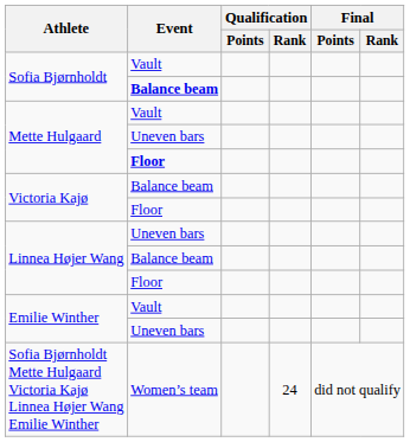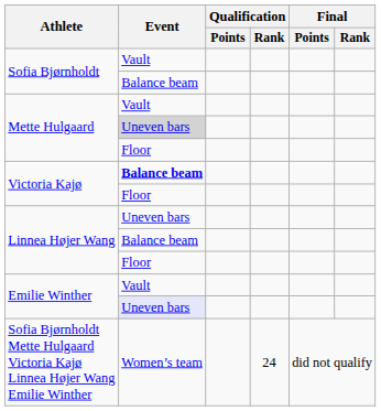 <table class=wikitable style="font-size:90%">
 <tr>
 <th rowspan="2">Athlete</th>
 <th rowspan="2">Event</th>
 <th colspan="2">Qualification</th>
 <th colspan="2">Final</th>
 </tr>
 <tr style="font-size:95%">
 <th>Points</th>
 <th>Rank</th>
 <th>Points</th>
 <th>Rank</th>
 </tr>
 <tr align=center>
 <td align=left rowspan=2><a href='#'>Sofia Bjørnholdt</a></td>
 <td align=left><a href='#'>Vault</a></td>
 <td></td>
 <td></td>
 <td></td>
 <td></td>
 </tr>
 <tr align=center>
-<td align=left><strong><a href='#'>Balance beam</a></strong></td>
+<td align=left><a href='#'>Balance beam</a></td>
 <td></td>
 <td></td>
 <td></td>
 <td></td>
 </tr>
 <tr align=center>
 <td align=left rowspan=3><a href='#'>Mette Hulgaard</a></td>
 <td align=left><a href='#'>Vault</a></td>
 <td></td>
 <td></td>
 <td></td>
 <td></td>
 </tr>
 <tr align=center>
-<td align=left><a href='#'>Uneven bars</a></td>
+<td align=left style="background: lightgrey;"><a href='#'>Uneven bars</a></td>
 <td></td>
 <td></td>
 <td></td>
 <td></td>
 </tr>
 <tr align=center>
-<td align=left><strong><a href='#'>Floor</a></strong></td>
+<td align=left><a href='#'>Floor</a></td>
 <td></td>
 <td></td>
 <td></td>
 <td></td>
 </tr>
 <tr align=center>
 <td align=left rowspan=2><a href='#'>Victoria Kajø</a></td>
-<td align=left><a href='#'>Balance beam</a></td>
+<td align=left><strong><a href='#'>Balance beam</a></strong></td>
 <td></td>
 <td></td>
 <td></td>
 <td></td>
 </tr>
 <tr align=center>
 <td align=left><a href='#'>Floor</a></td>
 <td></td>
 <td></td>
 <td></td>
 <td></td>
 </tr>
 <tr align=center>
 <td align=left rowspan=3><a href='#'>Linnea Højer Wang</a></td>
 <td align=left><a href='#'>Uneven bars</a></td>
 <td></td>
 <td></td>
 <td></td>
 <td></td>
 </tr>
 <tr align=center>
 <td align=left><a href='#'>Balance beam</a></td>
 <td></td>
 <td></td>
 <td></td>
 <td></td>
 </tr>
 <tr align=center>
 <td align=left><a href='#'>Floor</a></td>
 <td></td>
 <td></td>
 <td></td>
 <td></td>
 </tr>
 <tr align=center>
 <td align=left rowspan=2><a href='#'>Emilie Winther</a></td>
 <td align=left><a href='#'>Vault</a></td>
 <td></td>
 <td></td>
 <td></td>
 <td></td>
 </tr>
 <tr align=center>
-<td align=left><a href='#'>Uneven bars</a></td>
+<td align=left style="background: lavender;"><a href='#'>Uneven bars</a></td>
 <td></td>
 <td></td>
 <td></td>
 <td></td>
 </tr>
 <tr align=center>
 <td align=left><a href='#'>Sofia Bjørnholdt</a><br><a href='#'>Mette Hulgaard</a><br><a href='#'>Victoria Kajø</a><br><a href='#'>Linnea Højer Wang</a><br><a href='#'>Emilie Winther</a></td>
 <td align=left><a href='#'>Women’s team</a></td>
 <td></td>
 <td>24</td>
 <td colspan=2>did not qualify</td>
 </tr>
 </table>
